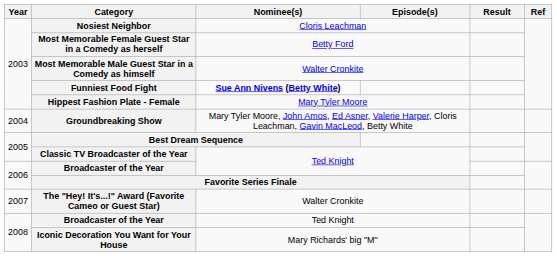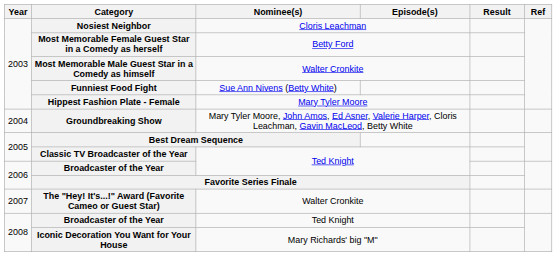 <table class="wikitable plainrowheaders" style="font-size: 90%; text-align:center" width=100%>
 <tr>
 <th scope="col" width="5%">Year</th>
 <th scope="col" width="30%">Category</th>
 <th scope="col" width="30%">Nominee(s)</th>
 <th scope="col" width="20%">Episode(s)</th>
 <th scope="col" width="10%">Result</th>
 <th scope="col" width="5%">Ref</th>
 </tr>
 <tr>
 <td rowspan="5">2003</td>
 <th scope="row" style="text-align:center">Nosiest Neighbor</th>
 <td colspan="2"><a href='#'>Cloris Leachman</a></td>
 <td></td>
 <td rowspan="5"></td>
 </tr>
 <tr>
 <th scope="row" style="text-align:center">Most Memorable Female Guest Star in a Comedy as herself</th>
 <td colspan="2"><a href='#'>Betty Ford</a></td>
 <td></td>
 </tr>
 <tr>
 <th scope="row" style="text-align:center">Most Memorable Male Guest Star in a Comedy as himself</th>
 <td colspan="2"><a href='#'>Walter Cronkite</a></td>
 <td></td>
 </tr>
 <tr>
 <th scope="row" style="text-align:center">Funniest Food Fight</th>
-<td><strong><a href='#'>Sue Ann Nivens</a> (<a href='#'>Betty White</a>)</strong></td>
+<td><a href='#'>Sue Ann Nivens</a> (<a href='#'>Betty White</a>)</td>
 <td></td>
 <td></td>
 </tr>
 <tr>
 <th scope="row" style="text-align:center">Hippest Fashion Plate - Female</th>
 <td colspan="2"><a href='#'>Mary Tyler Moore</a></td>
 <td></td>
 </tr>
 <tr>
 <td>2004</td>
 <th scope="row" style="text-align:center">Groundbreaking Show</th>
 <td colspan="2">Mary Tyler Moore, <a href='#'>John Amos</a>, <a href='#'>Ed Asner</a>, <a href='#'>Valerie Harper</a>, Cloris Leachman, <a href='#'>Gavin MacLeod</a>, Betty White</td>
 <td></td>
 <td></td>
 </tr>
 <tr>
 <td rowspan="2">2005</td>
 <th scope="row" style="text-align:center" colspan="2">Best Dream Sequence</th>
 <td></td>
 <td></td>
 <td rowspan="2"></td>
 </tr>
 <tr>
 <th scope="row" style="text-align:center">Classic TV Broadcaster of the Year</th>
 <td colspan="2" rowspan="2"><a href='#'>Ted Knight</a></td>
 <td></td>
 </tr>
 <tr>
 <td rowspan="2">2006</td>
 <th scope="row" style="text-align:center">Broadcaster of the Year</th>
 <td></td>
 <td rowspan="2"></td>
 </tr>
 <tr>
 <th scope="row" style="text-align:center" colspan="3">Favorite Series Finale</th>
 <td></td>
 </tr>
 <tr>
 <td>2007</td>
 <th scope="row" style="text-align:center">The "Hey! It's...!" Award (Favorite Cameo or Guest Star)</th>
 <td colspan="2">Walter Cronkite</td>
 <td></td>
 <td></td>
 </tr>
 <tr>
 <td rowspan="2">2008</td>
 <th scope="row" style="text-align:center">Broadcaster of the Year</th>
 <td colspan="2">Ted Knight</td>
 <td></td>
 <td rowspan="2"></td>
 </tr>
 <tr>
 <th scope="row" style="text-align:center">Iconic Decoration You Want for Your House</th>
 <td colspan="2">Mary Richards' big "M"</td>
 <td></td>
 </tr>
 </table>
